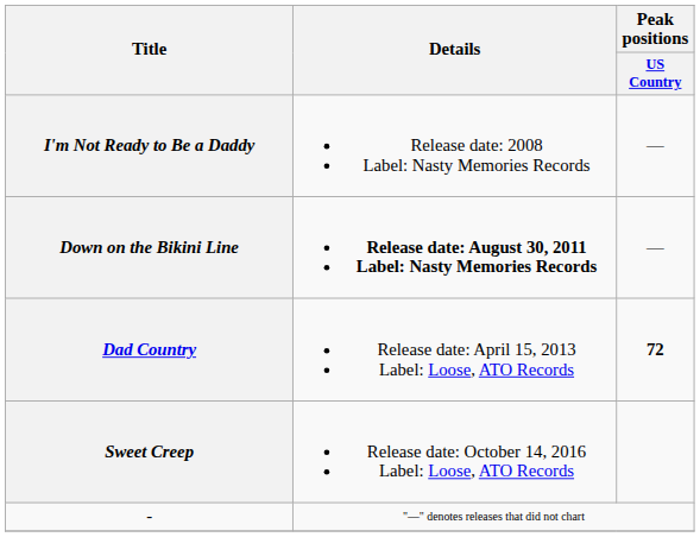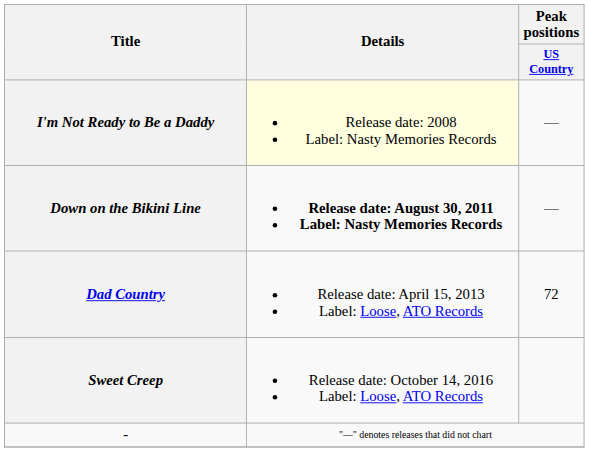 <table class="wikitable plainrowheaders" style="text-align:center;">
 <tr>
 <th rowspan="2" style="width:16em;">Title</th>
 <th rowspan="2" style="width:18em;">Details</th>
 <th>Peak positions</th>
 </tr>
 <tr style="font-size:smaller;">
 <th width="65"><a href='#'>US Country</a><br></th>
 </tr>
 <tr>
 <th scope="row"><em>I'm Not Ready to Be a Daddy</em></th>
-<td><br><ul><li>Release date: 2008</li><li>Label: Nasty Memories Records</li></ul></td>
+<td style="background: lightyellow;"><br><ul><li>Release date: 2008</li><li>Label: Nasty Memories Records</li></ul></td>
 <td>—</td>
 </tr>
 <tr>
 <th scope="row"><em>Down on the Bikini Line</em></th>
 <td><strong><br><ul><li>Release date: August 30, 2011</li><li>Label: Nasty Memories Records</li></ul></strong></td>
 <td>—</td>
 </tr>
 <tr>
 <th scope="row"><em><a href='#'>Dad Country</a></em></th>
 <td><br><ul><li>Release date: April 15, 2013</li><li>Label: <a href='#'>Loose</a>, <a href='#'>ATO Records</a></li></ul></td>
-<td><strong>72</strong></td>
+<td>72</td>
 </tr>
 <tr>
 <th scope="row"><em>Sweet Creep</em></th>
 <td><br><ul><li>Release date: October 14, 2016</li><li>Label: <a href='#'>Loose</a>, <a href='#'>ATO Records</a></li></ul></td>
 </tr>
 <tr>
 <td>-</td>
 <td colspan="3" style="font-size:8pt">"—" denotes releases that did not chart</td>
 </tr>
 <tr>
 </tr>
 </table>
